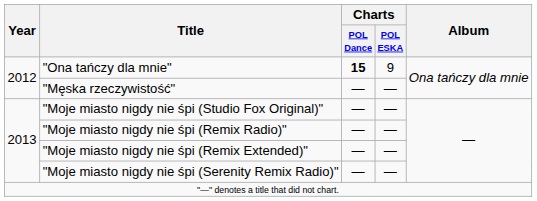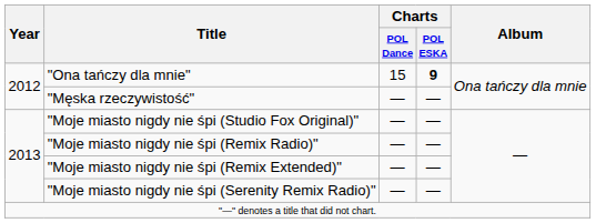 <table class=wikitable style=text-align:center;>
 <tr>
 <th rowspan=2>Year</th>
 <th rowspan=2>Title</th>
 <th colspan=2>Charts</th>
 <th rowspan=2>Album</th>
 </tr>
 <tr style="vertical-align:top;line-height:1.2; width:3em;font-size:85%;">
 <th width=25px><small><a href='#'>POL<br>Dance</a></small><br></th>
 <th width=25px><small><a href='#'>POL<br>ESKA</a></small><br></th>
 </tr>
 <tr>
 <td rowspan=2>2012</td>
 <td align=left>"Ona tańczy dla mnie"</td>
-<td><strong>15</strong></td>
-<td>9</td>
+<td>15</td>
+<td><strong>9</strong></td>
 <td rowspan=2><em>Ona tańczy dla mnie</em></td>
 </tr>
 <tr>
 <td align=left>"Męska rzeczywistość"</td>
 <td>—</td>
 <td>—</td>
 </tr>
 <tr>
 <td rowspan=4>2013</td>
 <td align=left>"Moje miasto nigdy nie śpi (Studio Fox Original)"</td>
 <td>—</td>
 <td>—</td>
 <td rowspan=4 style="text-align:center;">—</td>
 </tr>
 <tr>
 <td align=left>"Moje miasto nigdy nie śpi (Remix Radio)"</td>
 <td>—</td>
 <td>—</td>
 </tr>
 <tr>
 <td align=left>"Moje miasto nigdy nie śpi (Remix Extended)"</td>
 <td>—</td>
 <td>—</td>
 </tr>
 <tr>
 <td align=left>"Moje miasto nigdy nie śpi (Serenity Remix Radio)"</td>
 <td>—</td>
 <td>—</td>
 </tr>
 <tr>
 <td colspan=10 style=font-size:8pt;>"—" denotes a title that did not chart.</td>
 </tr>
 </table>
